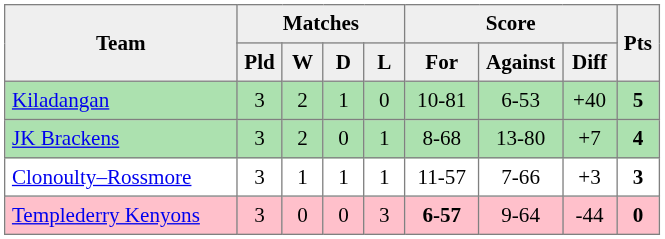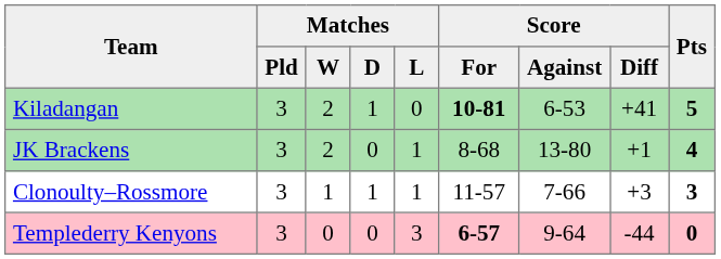 <table style=border-collapse:collapse border=1 cellspacing=0 cellpadding=5>
 <tr align=center bgcolor=#efefef>
 <th rowspan=2 width=165>Team</th>
 <th colspan=4>Matches</th>
 <th colspan=3>Score</th>
 <th rowspan=2width=20>Pts</th>
 </tr>
 <tr align=center bgcolor=#efefef>
 <th width=20>Pld</th>
 <th width=20>W</th>
 <th width=20>D</th>
 <th width=20>L</th>
 <th width=45>For</th>
 <th width=45>Against</th>
 <th width=30>Diff</th>
 </tr>
 <tr align=center style="background:#ACE1AF;">
 <td style="text-align:left;"> <a href='#'>Kiladangan</a></td>
 <td>3</td>
 <td>2</td>
 <td>1</td>
 <td>0</td>
-<td>10-81</td>
+<td><strong>10-81</strong></td>
 <td>6-53</td>
-<td>+40</td>
+<td>+41</td>
 <td><strong>5</strong></td>
 </tr>
 <tr align=center style="background:#ACE1AF;">
 <td style="text-align:left;"> <a href='#'>JK Brackens</a></td>
 <td>3</td>
 <td>2</td>
 <td>0</td>
 <td>1</td>
 <td>8-68</td>
 <td>13-80</td>
-<td>+7</td>
+<td>+1</td>
 <td><strong>4</strong></td>
 </tr>
 <tr align=center>
 <td style="text-align:left;"> <a href='#'>Clonoulty–Rossmore</a></td>
 <td>3</td>
 <td>1</td>
 <td>1</td>
 <td>1</td>
 <td>11-57</td>
 <td>7-66</td>
 <td>+3</td>
 <td><strong>3</strong></td>
 </tr>
 <tr align=center style="background:#FFC0CB;">
 <td style="text-align:left;"> <a href='#'>Templederry Kenyons</a></td>
 <td>3</td>
 <td>0</td>
 <td>0</td>
 <td>3</td>
 <td><strong>6-57</strong></td>
 <td>9-64</td>
 <td>-44</td>
 <td><strong>0</strong></td>
 </tr>
 </table>
